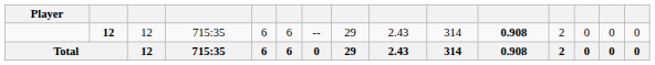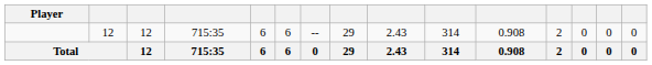 <table class="wikitable sortable" style="width:100%; text-align:center;">
 <tr>
 <th>Player</th>
 <th></th>
 <th></th>
 <th></th>
 <th></th>
 <th></th>
 <th></th>
 <th></th>
 <th></th>
 <th></th>
 <th></th>
 <th></th>
 <th></th>
 <th></th>
 <th></th>
 </tr>
 <tr>
 <td></td>
-<td><strong>12</strong></td>
+<td>12</td>
 <td>12</td>
 <td>715:35</td>
 <td>6</td>
 <td>6</td>
 <td>--</td>
 <td>29</td>
 <td>2.43</td>
 <td>314</td>
-<td><strong>0.908</strong></td>
+<td>0.908</td>
 <td>2</td>
 <td>0</td>
 <td>0</td>
 <td>0</td>
 </tr>
 <tr class="sortbottom">
 <th colspan=2>Total</th>
 <th>12</th>
 <th>715:35</th>
 <th>6</th>
 <th>6</th>
 <th>0</th>
 <th>29</th>
 <th>2.43</th>
 <th>314</th>
 <th>0.908</th>
 <th>2</th>
 <th>0</th>
 <th>0</th>
 <th>0</th>
 </tr>
 </table>
